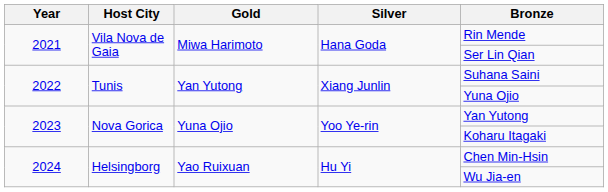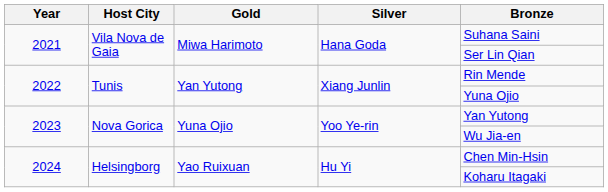 <table class="wikitable" style="text-align: left; width: 750px;">
 <tr>
 <th width="100">Year</th>
 <th width="100">Host City</th>
 <th width="175">Gold</th>
 <th width="175">Silver</th>
 <th width="175">Bronze</th>
 </tr>
 <tr>
 <td rowspan="2" style="text-align: center;"><a href='#'>2021</a></td>
 <td rowspan="2"><a href='#'>Vila Nova de Gaia</a></td>
 <td rowspan="2"> <a href='#'>Miwa Harimoto</a></td>
 <td rowspan="2"> <a href='#'>Hana Goda</a></td>
-<td> <a href='#'>Rin Mende</a></td>
+<td> <a href='#'>Suhana Saini</a></td>
 </tr>
 <tr>
 <td> <a href='#'>Ser Lin Qian</a></td>
 </tr>
 <tr>
 <td rowspan="2" style="text-align: center;"><a href='#'>2022</a></td>
 <td rowspan="2"><a href='#'>Tunis</a></td>
 <td rowspan="2"> <a href='#'>Yan Yutong</a></td>
 <td rowspan="2"> <a href='#'>Xiang Junlin</a></td>
-<td> <a href='#'>Suhana Saini</a></td>
+<td> <a href='#'>Rin Mende</a></td>
 </tr>
 <tr>
 <td> <a href='#'>Yuna Ojio</a></td>
 </tr>
 <tr>
 <td rowspan="2" style="text-align: center;"><a href='#'>2023</a></td>
 <td rowspan="2"><a href='#'>Nova Gorica</a></td>
 <td rowspan=2> <a href='#'>Yuna Ojio</a></td>
 <td rowspan=2> <a href='#'>Yoo Ye-rin</a></td>
 <td> <a href='#'>Yan Yutong</a></td>
 </tr>
 <tr>
-<td> <a href='#'>Koharu Itagaki</a></td>
+<td> <a href='#'>Wu Jia-en</a></td>
 </tr>
 <tr>
 <td rowspan=2 style="text-align: center;"><a href='#'>2024</a></td>
 <td rowspan=2><a href='#'>Helsingborg</a></td>
 <td rowspan=2> <a href='#'>Yao Ruixuan</a></td>
 <td rowspan=2> <a href='#'>Hu Yi</a></td>
 <td> <a href='#'>Chen Min-Hsin</a></td>
 </tr>
 <tr>
-<td> <a href='#'>Wu Jia-en</a></td>
+<td> <a href='#'>Koharu Itagaki</a></td>
 </tr>
 </table>
